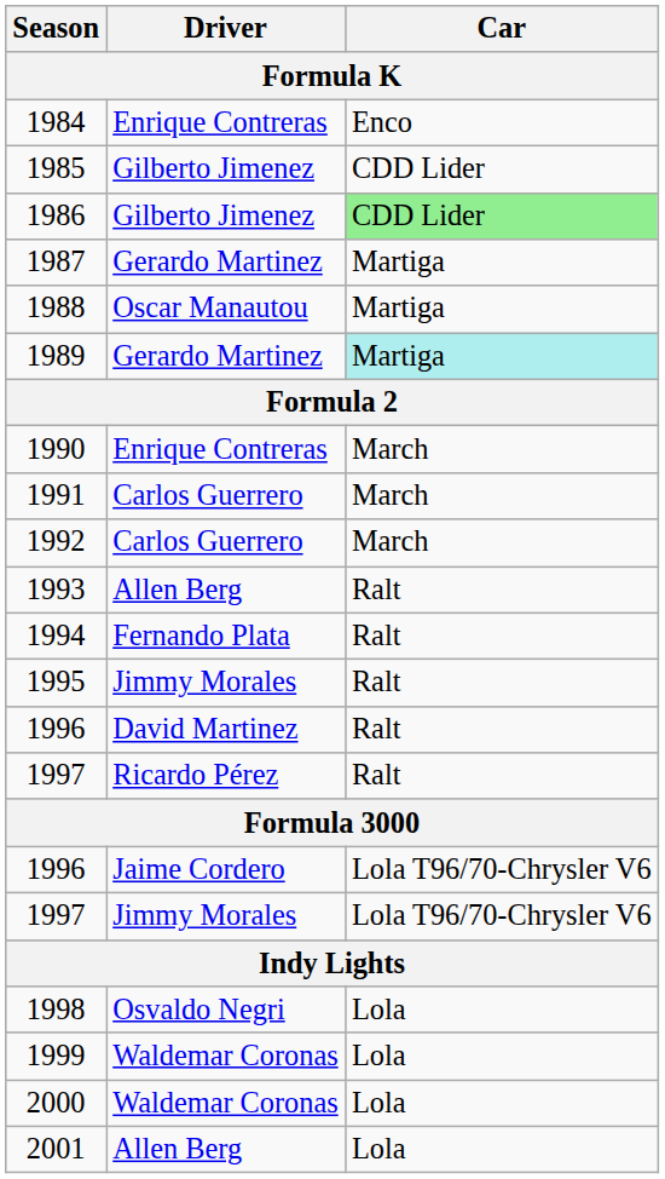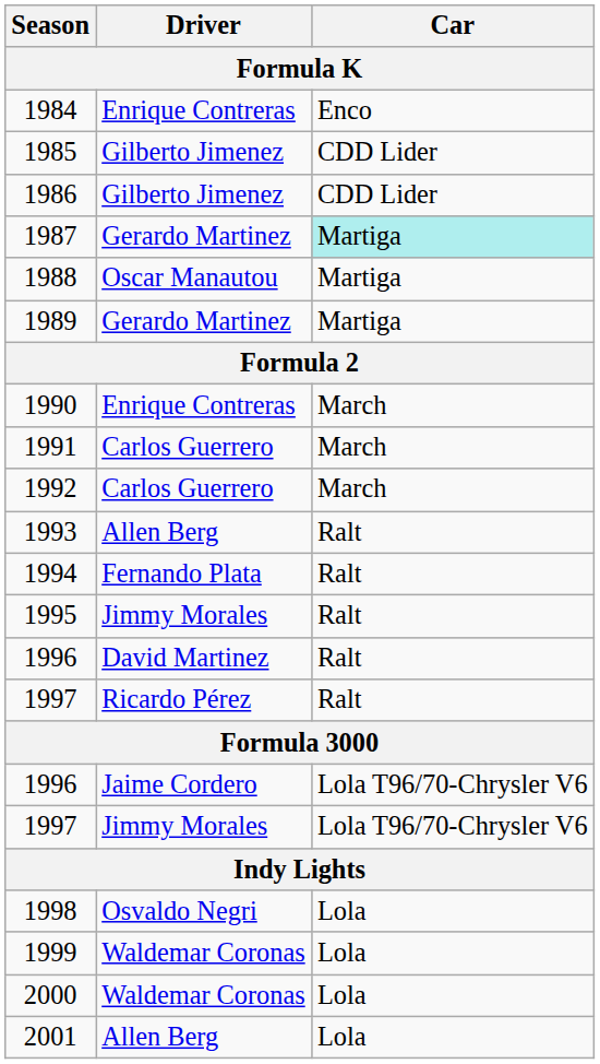 <table class="wikitable">
 <tr>
 <th>Season</th>
 <th>Driver</th>
 <th>Car</th>
 </tr>
 <tr>
 <th colspan=3>Formula K</th>
 </tr>
 <tr>
 <td align="center">1984</td>
 <td> <a href='#'>Enrique Contreras</a></td>
 <td>Enco</td>
 </tr>
 <tr>
 <td align="center">1985</td>
 <td> <a href='#'>Gilberto Jimenez</a></td>
 <td>CDD Lider</td>
 </tr>
 <tr>
 <td align="center">1986</td>
 <td> <a href='#'>Gilberto Jimenez</a></td>
-<td style="background: lightgreen;">CDD Lider</td>
+<td>CDD Lider</td>
 </tr>
 <tr>
 <td align="center">1987</td>
 <td> <a href='#'>Gerardo Martinez</a></td>
-<td>Martiga</td>
+<td style="background: paleturquoise;">Martiga</td>
 </tr>
 <tr>
 <td align="center">1988</td>
 <td> <a href='#'>Oscar Manautou</a></td>
 <td>Martiga</td>
 </tr>
 <tr>
 <td align="center">1989</td>
 <td> <a href='#'>Gerardo Martinez</a></td>
-<td style="background: paleturquoise;">Martiga</td>
+<td>Martiga</td>
 </tr>
 <tr>
 <th colspan=3>Formula 2</th>
 </tr>
 <tr>
 <td align="center">1990</td>
 <td> <a href='#'>Enrique Contreras</a></td>
 <td>March</td>
 </tr>
 <tr>
 <td align="center">1991</td>
 <td> <a href='#'>Carlos Guerrero</a></td>
 <td>March</td>
 </tr>
 <tr>
 <td align="center">1992</td>
 <td> <a href='#'>Carlos Guerrero</a></td>
 <td>March</td>
 </tr>
 <tr>
 <td align="center">1993</td>
 <td> <a href='#'>Allen Berg</a></td>
 <td>Ralt</td>
 </tr>
 <tr>
 <td align="center">1994</td>
 <td> <a href='#'>Fernando Plata</a></td>
 <td>Ralt</td>
 </tr>
 <tr>
 <td align="center">1995</td>
 <td> <a href='#'>Jimmy Morales</a></td>
 <td>Ralt</td>
 </tr>
 <tr>
 <td align="center">1996</td>
 <td> <a href='#'>David Martinez</a></td>
 <td>Ralt</td>
 </tr>
 <tr>
 <td align="center">1997</td>
 <td> <a href='#'>Ricardo Pérez</a></td>
 <td>Ralt</td>
 </tr>
 <tr>
 <th colspan=3>Formula 3000</th>
 </tr>
 <tr>
 <td align="center">1996</td>
 <td> <a href='#'>Jaime Cordero</a></td>
 <td>Lola T96/70-Chrysler V6</td>
 </tr>
 <tr>
 <td align="center">1997</td>
 <td> <a href='#'>Jimmy Morales</a></td>
 <td>Lola T96/70-Chrysler V6</td>
 </tr>
 <tr>
 <th colspan=3>Indy Lights</th>
 </tr>
 <tr>
 <td align="center">1998</td>
 <td> <a href='#'>Osvaldo Negri</a></td>
 <td>Lola</td>
 </tr>
 <tr>
 <td align="center">1999</td>
 <td> <a href='#'>Waldemar Coronas</a></td>
 <td>Lola</td>
 </tr>
 <tr>
 <td align="center">2000</td>
 <td> <a href='#'>Waldemar Coronas</a></td>
 <td>Lola</td>
 </tr>
 <tr>
 <td align="center">2001</td>
 <td> <a href='#'>Allen Berg</a></td>
 <td>Lola</td>
 </tr>
 </table>
